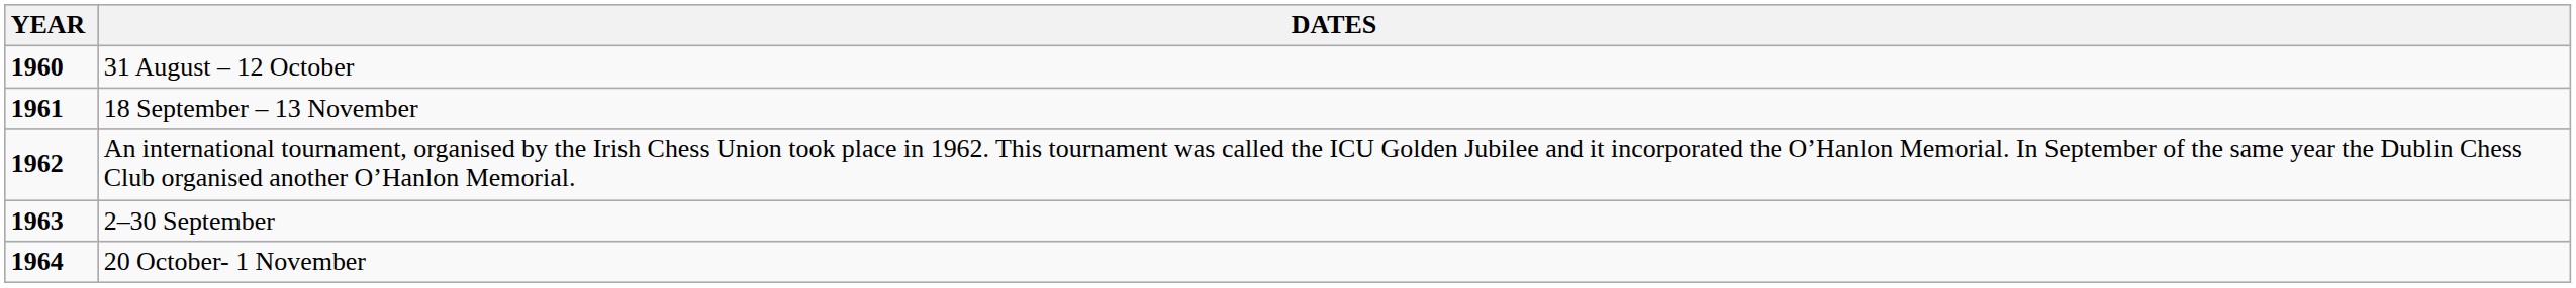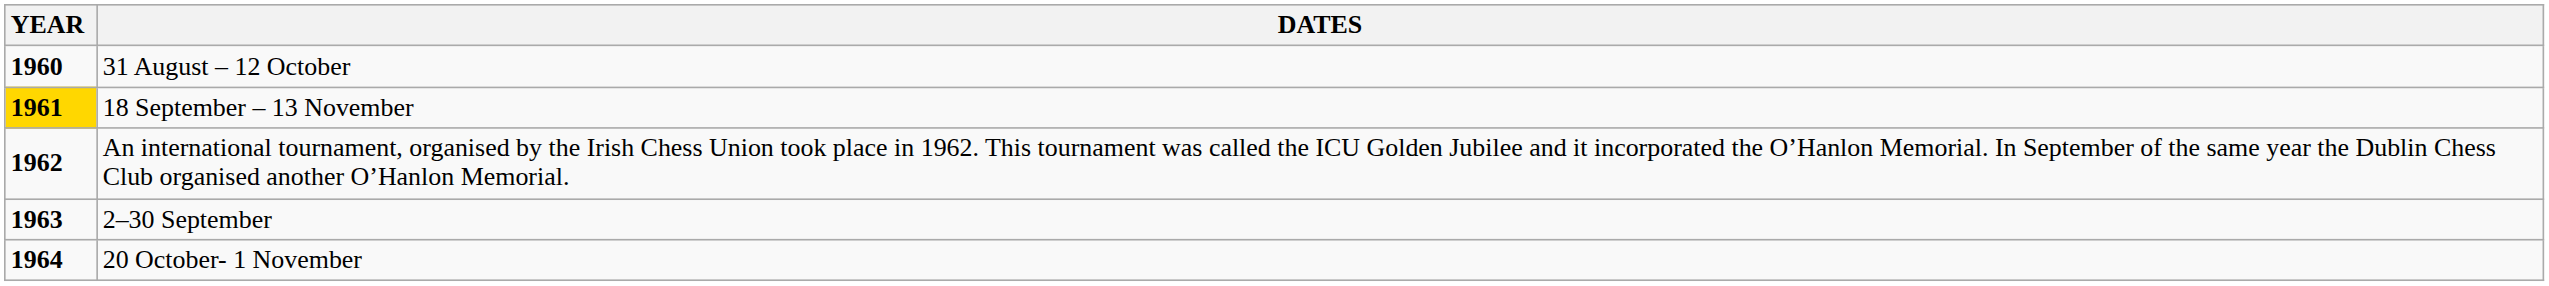 <table class="wikitable">
 <tr>
 <th>YEAR </th>
 <th>DATES</th>
 </tr>
 <tr>
 <td><strong>1960</strong></td>
 <td>31 August – 12 October</td>
 </tr>
 <tr>
-<td><strong>1961</strong></td>
+<td style="background: gold;"><strong>1961</strong></td>
 <td>18 September – 13 November</td>
 </tr>
 <tr>
 <td><strong>1962</strong></td>
 <td>An international tournament, organised by the Irish Chess Union took place in 1962. This tournament was called the ICU Golden Jubilee and it incorporated the O’Hanlon Memorial. In September of the same year the Dublin Chess Club organised another O’Hanlon Memorial.</td>
 </tr>
 <tr>
 <td><strong>1963</strong></td>
 <td>2–30 September</td>
 </tr>
 <tr>
 <td><strong>1964</strong></td>
 <td>20 October- 1 November</td>
 </tr>
 </table>
